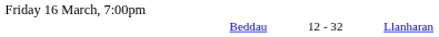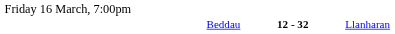 <table style="width:70%;" cellspacing="1">
 <tr>
 <th width=35%></th>
 <th width=15%></th>
 <th></th>
 </tr>
 <tr>
 <td>Friday 16 March, 7:00pm</td>
 </tr>
 <tr style=font-size:90%>
 <td align=right><a href='#'>Beddau</a></td>
-<td align=center>12 - 32</td>
+<td align=center><strong>12 - 32</strong></td>
 <td><a href='#'>Llanharan</a></td>
 </tr>
 </table>
